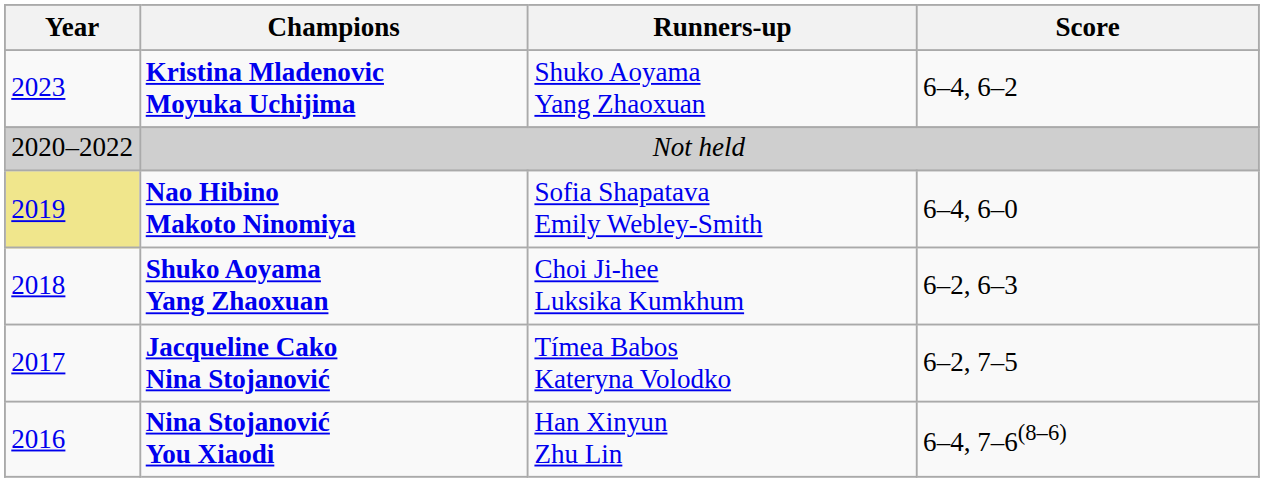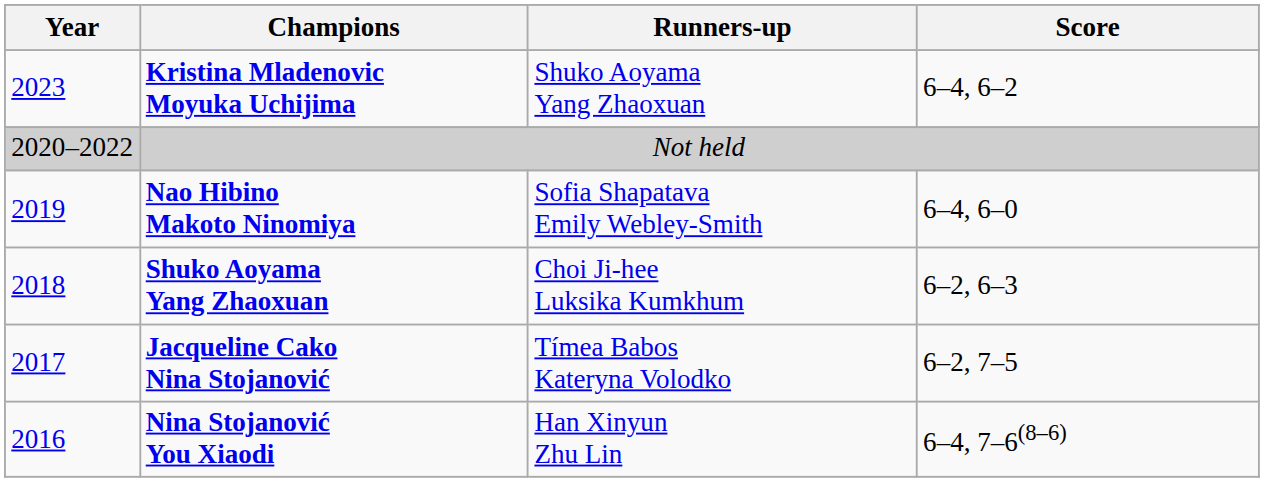 <table class="wikitable" style="font-size:90%">
 <tr>
 <th>Year</th>
 <th width="200">Champions</th>
 <th width="200">Runners-up</th>
 <th width="175">Score</th>
 </tr>
 <tr>
 <td><a href='#'>2023</a></td>
 <td> <strong><a href='#'>Kristina Mladenovic</a></strong> <br>  <strong><a href='#'>Moyuka Uchijima</a></strong></td>
 <td> <a href='#'>Shuko Aoyama</a> <br>  <a href='#'>Yang Zhaoxuan</a></td>
 <td>6–4, 6–2</td>
 </tr>
 <tr>
 <td style="background:#cfcfcf">2020–2022</td>
 <td colspan=3 align=center style="background:#cfcfcf"><em>Not held</em></td>
 </tr>
 <tr>
-<td style="background: khaki;"><a href='#'>2019</a></td>
+<td><a href='#'>2019</a></td>
 <td> <strong><a href='#'>Nao Hibino</a></strong> <br>  <strong><a href='#'>Makoto Ninomiya</a></strong></td>
 <td> <a href='#'>Sofia Shapatava</a> <br>  <a href='#'>Emily Webley-Smith</a></td>
 <td>6–4, 6–0</td>
 </tr>
 <tr>
 <td><a href='#'>2018</a></td>
 <td> <strong><a href='#'>Shuko Aoyama</a></strong> <br>  <strong><a href='#'>Yang Zhaoxuan</a></strong></td>
 <td> <a href='#'>Choi Ji-hee</a> <br>  <a href='#'>Luksika Kumkhum</a></td>
 <td>6–2, 6–3</td>
 </tr>
 <tr>
 <td><a href='#'>2017</a></td>
 <td> <strong><a href='#'>Jacqueline Cako</a></strong> <br>  <strong><a href='#'>Nina Stojanović</a></strong></td>
 <td> <a href='#'>Tímea Babos</a> <br>  <a href='#'>Kateryna Volodko</a></td>
 <td>6–2, 7–5</td>
 </tr>
 <tr>
 <td><a href='#'>2016</a></td>
 <td> <strong><a href='#'>Nina Stojanović</a></strong> <br>  <strong><a href='#'>You Xiaodi</a></strong></td>
 <td> <a href='#'>Han Xinyun</a> <br>  <a href='#'>Zhu Lin</a></td>
 <td>6–4, 7–6<sup>(8–6)</sup></td>
 </tr>
 </table>
